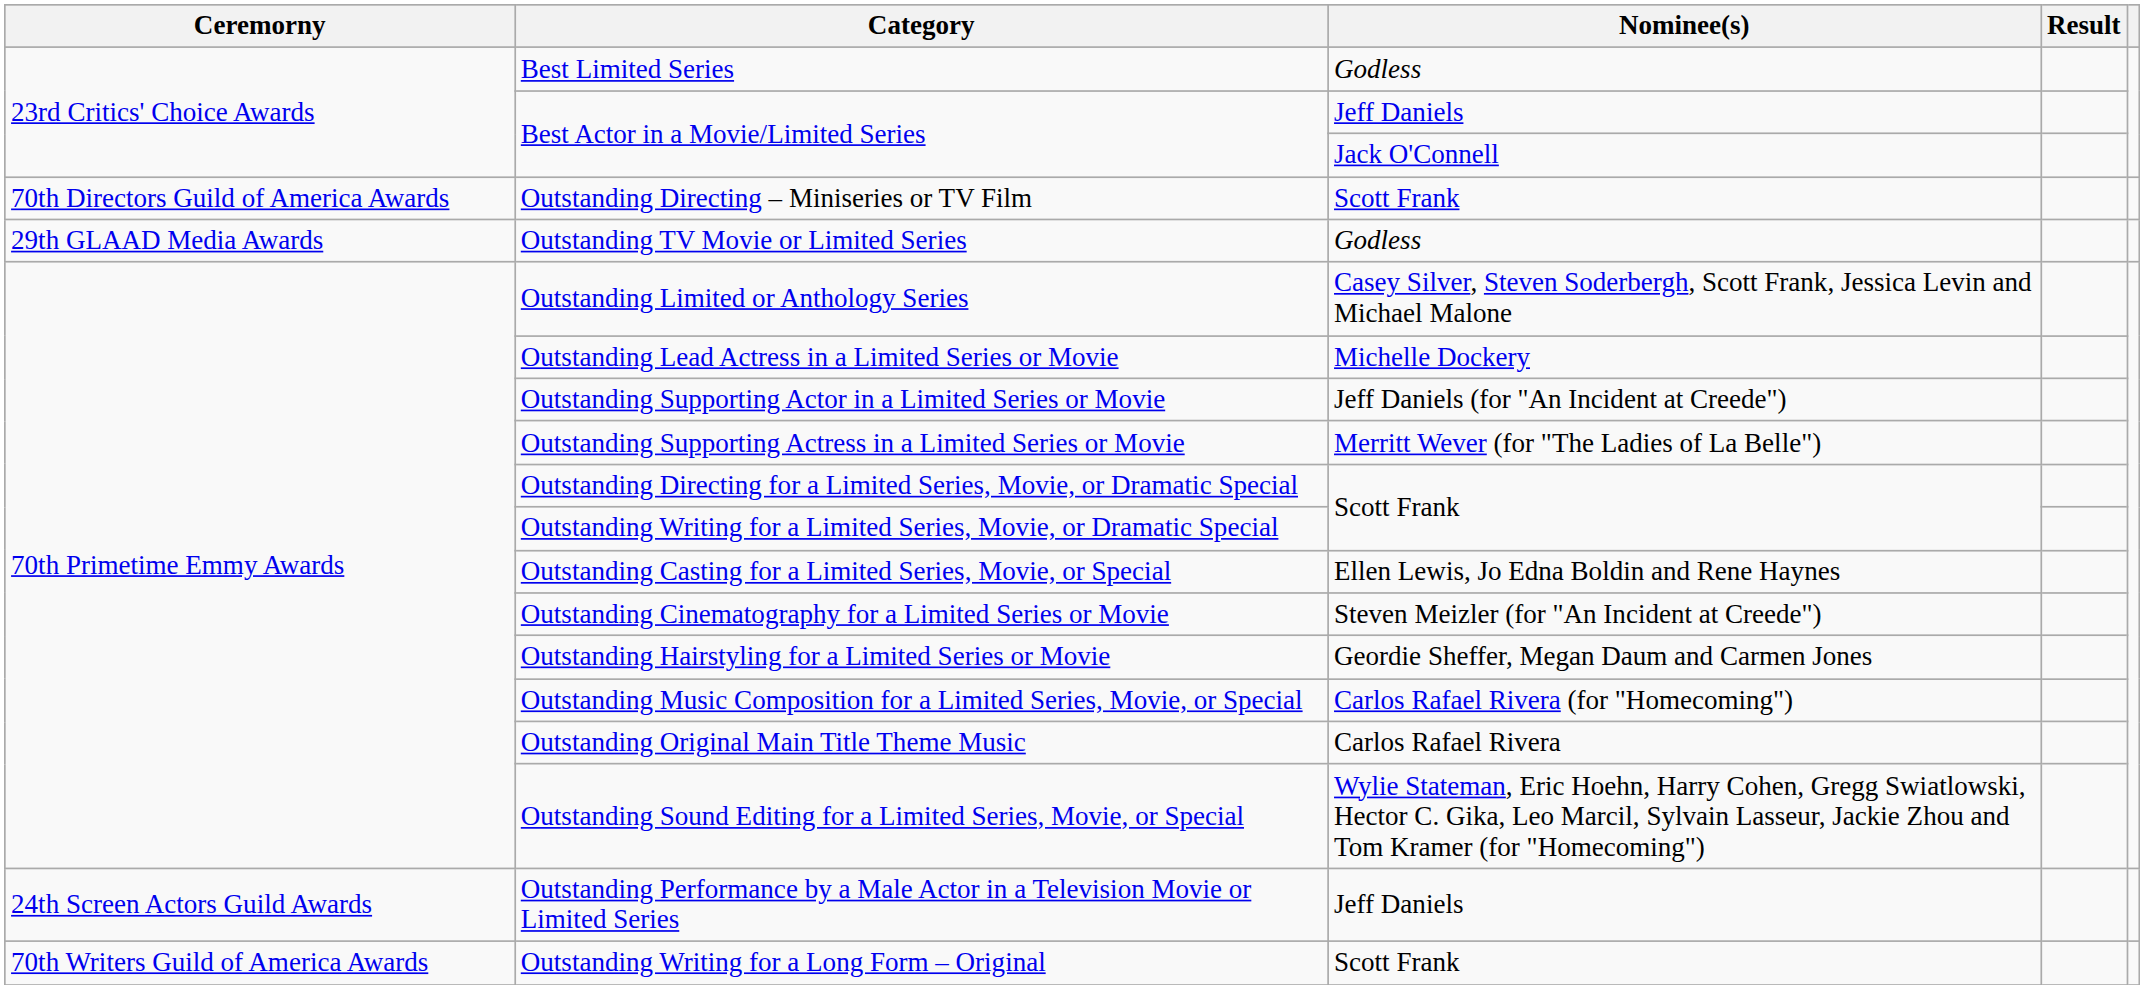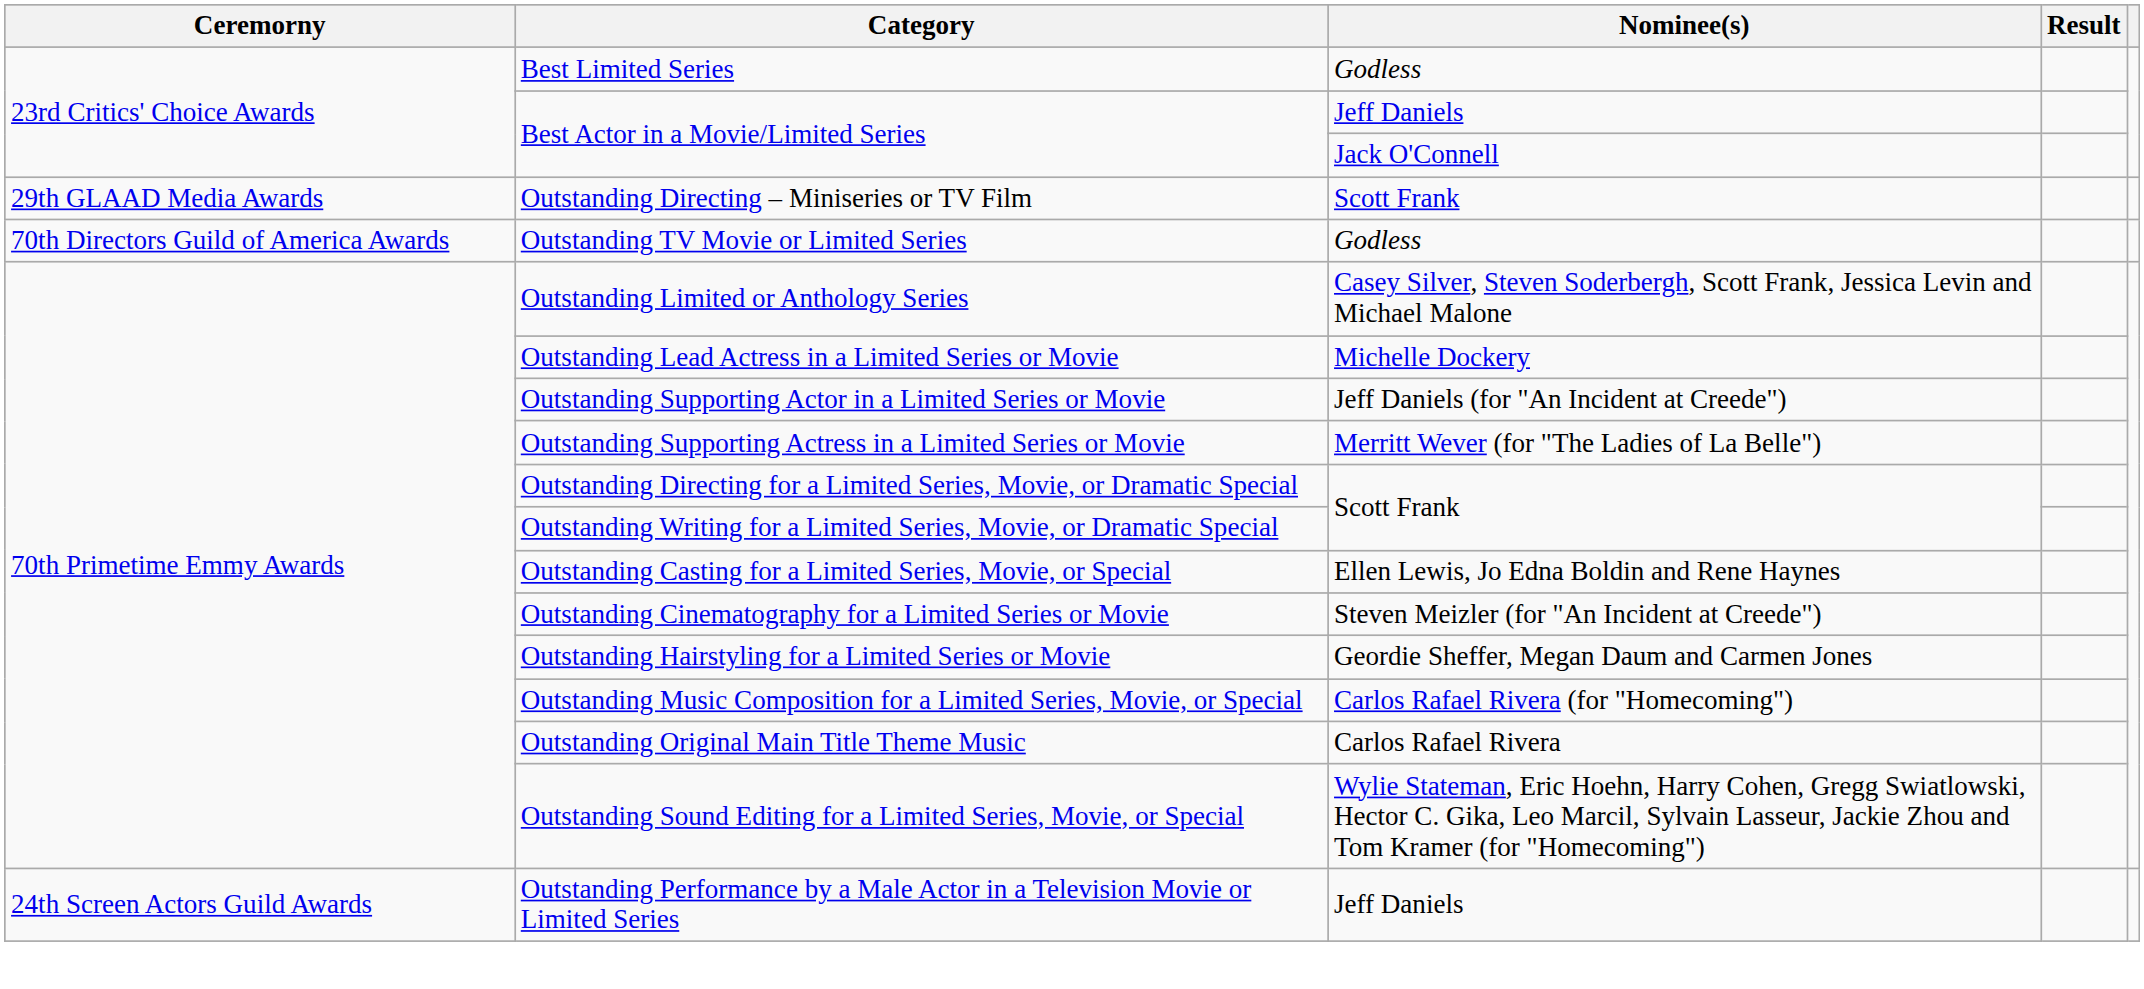 <table class="wikitable sortable plainrowheaders" style="width:100%;">
 <tr>
 <th scope="col" width="25%">Ceremorny</th>
 <th scope="col" width="40%">Category</th>
 <th scope="col" width="35%">Nominee(s)</th>
 <th scope="col" width="10%">Result</th>
 <th scope="col" width="5%"></th>
 </tr>
 <tr>
 <td rowspan=3><a href='#'>23rd Critics' Choice Awards</a></td>
 <td><a href='#'>Best Limited Series</a></td>
 <td><em>Godless</em></td>
 <td></td>
 <td rowspan=3></td>
 </tr>
 <tr>
 <td rowspan=2><a href='#'>Best Actor in a Movie/Limited Series</a></td>
 <td><a href='#'>Jeff Daniels</a></td>
 <td></td>
 </tr>
 <tr>
 <td><a href='#'>Jack O'Connell</a></td>
 <td></td>
 </tr>
 <tr>
-<td><a href='#'>70th Directors Guild of America Awards</a></td>
+<td><a href='#'>29th GLAAD Media Awards</a></td>
 <td><a href='#'>Outstanding Directing</a> – Miniseries or TV Film</td>
 <td><a href='#'>Scott Frank</a></td>
 <td></td>
 <td></td>
 </tr>
 <tr>
-<td><a href='#'>29th GLAAD Media Awards</a></td>
+<td><a href='#'>70th Directors Guild of America Awards</a></td>
 <td><a href='#'>Outstanding TV Movie or Limited Series</a></td>
 <td><em>Godless</em></td>
 <td></td>
 <td></td>
 </tr>
 <tr>
 <td rowspan=12><a href='#'>70th Primetime Emmy Awards</a></td>
 <td><a href='#'>Outstanding Limited or Anthology Series</a></td>
 <td><a href='#'>Casey Silver</a>, <a href='#'>Steven Soderbergh</a>, Scott Frank, Jessica Levin and Michael Malone</td>
 <td></td>
 <td align="center" rowspan="12"></td>
 </tr>
 <tr>
 <td><a href='#'>Outstanding Lead Actress in a Limited Series or Movie</a></td>
 <td><a href='#'>Michelle Dockery</a></td>
 <td></td>
 </tr>
 <tr>
 <td><a href='#'>Outstanding Supporting Actor in a Limited Series or Movie</a></td>
 <td>Jeff Daniels (for "An Incident at Creede")</td>
 <td></td>
 </tr>
 <tr>
 <td><a href='#'>Outstanding Supporting Actress in a Limited Series or Movie</a></td>
 <td><a href='#'>Merritt Wever</a> (for "The Ladies of La Belle")</td>
 <td></td>
 </tr>
 <tr>
 <td><a href='#'>Outstanding Directing for a Limited Series, Movie, or Dramatic Special</a></td>
 <td rowspan=2>Scott Frank</td>
 <td></td>
 </tr>
 <tr>
 <td><a href='#'>Outstanding Writing for a Limited Series, Movie, or Dramatic Special</a></td>
 <td></td>
 </tr>
 <tr>
 <td><a href='#'>Outstanding Casting for a Limited Series, Movie, or Special</a></td>
 <td>Ellen Lewis, Jo Edna Boldin and Rene Haynes</td>
 <td></td>
 </tr>
 <tr>
 <td><a href='#'>Outstanding Cinematography for a Limited Series or Movie</a></td>
 <td>Steven Meizler (for "An Incident at Creede")</td>
 <td></td>
 </tr>
 <tr>
 <td><a href='#'>Outstanding Hairstyling for a Limited Series or Movie</a></td>
 <td>Geordie Sheffer, Megan Daum and Carmen Jones</td>
 <td></td>
 </tr>
 <tr>
 <td><a href='#'>Outstanding Music Composition for a Limited Series, Movie, or Special</a></td>
 <td><a href='#'>Carlos Rafael Rivera</a> (for "Homecoming")</td>
 <td></td>
 </tr>
 <tr>
 <td><a href='#'>Outstanding Original Main Title Theme Music</a></td>
 <td>Carlos Rafael Rivera</td>
 <td></td>
 </tr>
 <tr>
 <td><a href='#'>Outstanding Sound Editing for a Limited Series, Movie, or Special</a></td>
 <td><a href='#'>Wylie Stateman</a>, Eric Hoehn, Harry Cohen, Gregg Swiatlowski, Hector C. Gika, Leo Marcil, Sylvain Lasseur, Jackie Zhou and Tom Kramer (for "Homecoming")</td>
 <td></td>
 </tr>
 <tr>
 <td><a href='#'>24th Screen Actors Guild Awards</a></td>
 <td><a href='#'>Outstanding Performance by a Male Actor in a Television Movie or Limited Series</a></td>
 <td>Jeff Daniels</td>
 <td></td>
 <td></td>
 </tr>
-<tr>
-<td><a href='#'>70th Writers Guild of America Awards</a></td>
-<td><a href='#'>Outstanding Writing for a Long Form – Original</a></td>
-<td>Scott Frank</td>
-<td></td>
-<td></td>
-</tr>
 </table>
